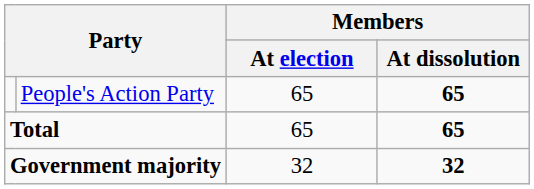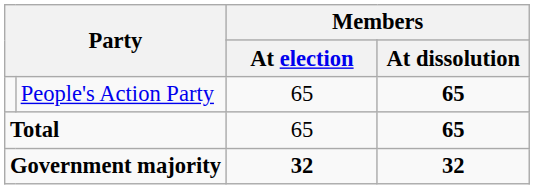 <table class="wikitable" border="1">
 <tr>
 <th colspan="2" rowspan="2">Party</th>
 <th colspan="2">Members</th>
 </tr>
 <tr>
 <th width="100px">At <a href='#'>election</a></th>
 <th width="100px">At dissolution</th>
 </tr>
 <tr>
 <td></td>
 <td scope="row"><a href='#'>People's Action Party</a></td>
 <td align="center">65</td>
 <td align="center"><strong>65</strong></td>
 </tr>
 <tr>
 <td colspan="2"><strong>Total</strong></td>
 <td align="center">65</td>
 <td align="center"><strong>65</strong></td>
 </tr>
 <tr>
 <td colspan="2"><strong>Government majority</strong></td>
-<td align="center">32</td>
+<td align="center"><strong>32</strong></td>
 <td align="center"><strong>32</strong></td>
 </tr>
 </table>
